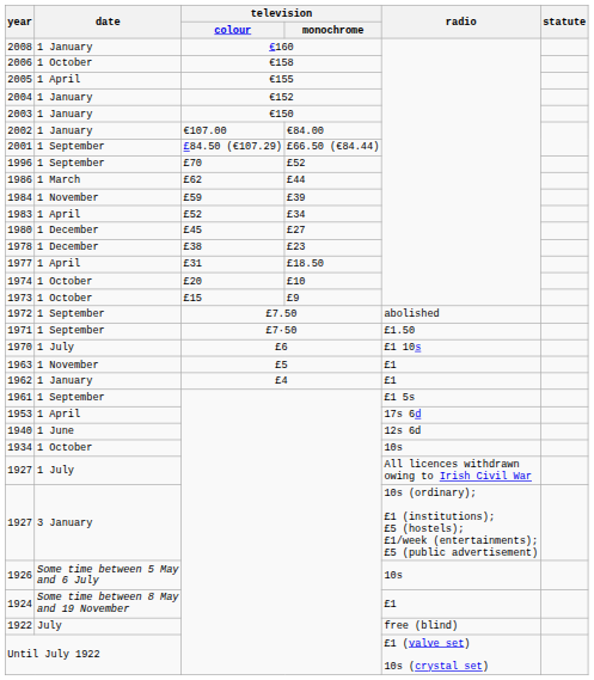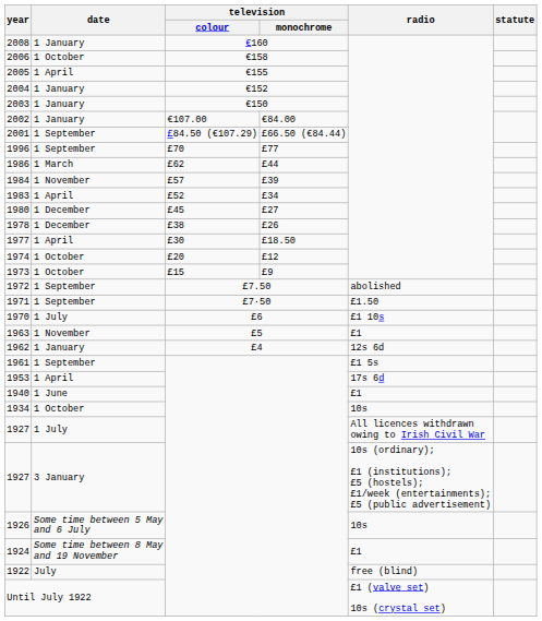 <table class="wikitable">
 <tr>
 <th rowspan="2">year</th>
 <th rowspan="2">date</th>
 <th colspan="2">television</th>
 <th rowspan="2">radio</th>
 <th rowspan="2">statute</th>
 </tr>
 <tr>
 <th><a href='#'>colour</a></th>
 <th>monochrome</th>
 </tr>
 <tr>
 <td>2008</td>
 <td>1 January</td>
 <td colspan="2" align="center"><a href='#'>€</a>160</td>
 <td rowspan="16"></td>
 <td></td>
 </tr>
 <tr>
 <td>2006</td>
 <td>1 October</td>
 <td colspan="2" align="center">€158</td>
 <td></td>
 </tr>
 <tr>
 <td>2005</td>
 <td>1 April</td>
 <td colspan="2" align="center">€155</td>
 <td></td>
 </tr>
 <tr>
 <td>2004</td>
 <td>1 January</td>
 <td colspan="2" align="center">€152</td>
 <td></td>
 </tr>
 <tr>
 <td>2003</td>
 <td>1 January</td>
 <td colspan="2" align="center">€150</td>
 <td></td>
 </tr>
 <tr>
 <td>2002</td>
 <td>1 January</td>
 <td>€107.00</td>
 <td>€84.00</td>
 <td rowspan="2"></td>
 </tr>
 <tr>
 <td>2001</td>
 <td>1 September</td>
 <td><a href='#'>£</a>84.50 (€107.29)</td>
 <td>£66.50 (€84.44)</td>
 </tr>
 <tr>
 <td>1996</td>
 <td>1 September</td>
 <td>£70</td>
-<td>£52</td>
+<td>£77</td>
 <td></td>
 </tr>
 <tr>
 <td>1986</td>
 <td>1 March</td>
 <td>£62</td>
 <td>£44</td>
 <td></td>
 </tr>
 <tr>
 <td>1984</td>
 <td>1 November</td>
-<td>£59</td>
+<td>£57</td>
 <td>£39</td>
 <td></td>
 </tr>
 <tr>
 <td>1983</td>
 <td>1 April</td>
 <td>£52</td>
 <td>£34</td>
 <td></td>
 </tr>
 <tr>
 <td>1980</td>
 <td>1 December</td>
 <td>£45</td>
 <td>£27</td>
 <td></td>
 </tr>
 <tr>
 <td>1978</td>
 <td>1 December</td>
 <td>£38</td>
-<td>£23</td>
+<td>£26</td>
 <td></td>
 </tr>
 <tr>
 <td>1977</td>
 <td>1 April</td>
-<td>£31</td>
+<td>£30</td>
 <td>£18.50</td>
 <td></td>
 </tr>
 <tr>
 <td>1974</td>
 <td>1 October</td>
 <td>£20</td>
-<td>£10</td>
+<td>£12</td>
 <td></td>
 </tr>
 <tr>
 <td>1973</td>
 <td>1 October</td>
 <td>£15</td>
 <td>£9</td>
 <td></td>
 </tr>
 <tr>
 <td>1972</td>
 <td>1 September</td>
 <td colspan="2" align="center">£7.50</td>
 <td>abolished</td>
 <td></td>
 </tr>
 <tr>
 <td>1971</td>
 <td>1 September</td>
 <td colspan="2" align="center">£7·50</td>
 <td>£1.50</td>
 <td></td>
 </tr>
 <tr>
 <td>1970</td>
 <td>1 July</td>
 <td colspan="2" align="center">£6</td>
 <td>£1 10<a href='#'>s</a></td>
 <td></td>
 </tr>
 <tr>
 <td>1963</td>
 <td>1 November</td>
 <td colspan="2" align="center">£5</td>
 <td>£1</td>
 <td></td>
 </tr>
 <tr>
 <td>1962</td>
 <td>1 January</td>
 <td colspan="2" align="center">£4</td>
-<td>£1</td>
+<td>12s 6d</td>
 <td></td>
 </tr>
 <tr>
 <td>1961</td>
 <td>1 September</td>
 <td colspan="2" rowspan="10"></td>
 <td>£1 5s</td>
 <td></td>
 </tr>
 <tr>
 <td>1953</td>
 <td>1 April</td>
 <td>17s 6<a href='#'>d</a></td>
 <td></td>
 </tr>
 <tr>
 <td>1940</td>
 <td>1 June</td>
-<td>12s 6d</td>
+<td>£1</td>
 <td></td>
 </tr>
 <tr>
 <td>1934</td>
 <td>1 October</td>
 <td>10s</td>
 <td></td>
 </tr>
 <tr>
 <td>1927</td>
 <td>1 July</td>
 <td>All licences withdrawn<br>owing to <a href='#'>Irish Civil War</a></td>
 <td></td>
 </tr>
 <tr>
 <td>1927</td>
 <td>3 January</td>
 <td>10s (ordinary);<br><br>£1 (institutions);<br> £5 (hostels);<br> £1/week (entertainments);<br> £5 (public advertisement)</td>
 <td></td>
 </tr>
 <tr>
 <td>1926</td>
 <td><em>Some time between 5 May<br>and 6 July</em></td>
 <td>10s</td>
 <td></td>
 </tr>
 <tr>
 <td>1924</td>
 <td><em>Some time between 8 May<br>and 19 November</em></td>
 <td>£1</td>
 <td></td>
 </tr>
 <tr>
 <td>1922</td>
 <td>July</td>
 <td>free (blind)</td>
 <td></td>
 </tr>
 <tr>
 <td colspan="2">Until July 1922</td>
 <td>£1 (<a href='#'>valve set</a>)<br><br>10s (<a href='#'>crystal set</a>)</td>
 <td></td>
 </tr>
 </table>
